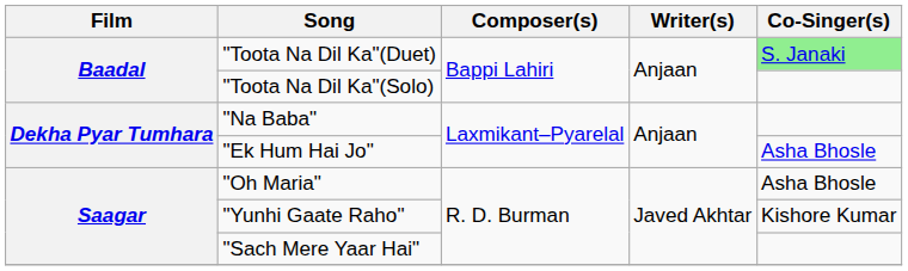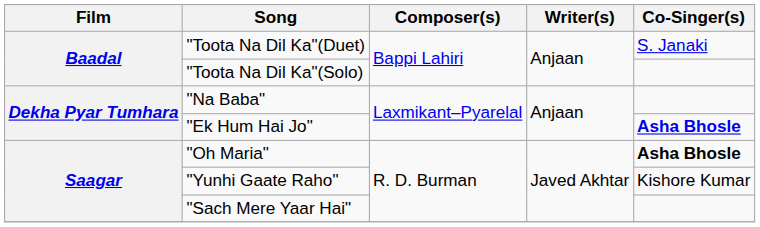 <table class="wikitable">
 <tr>
 <th>Film</th>
 <th>Song</th>
 <th>Composer(s)</th>
 <th>Writer(s)</th>
 <th>Co-Singer(s)</th>
 </tr>
 <tr>
 <th rowspan="2"><em><a href='#'>Baadal</a></em></th>
 <td>"Toota Na Dil Ka"(Duet)</td>
 <td rowspan="2"><a href='#'>Bappi Lahiri</a></td>
 <td rowspan="2">Anjaan</td>
-<td style="background: lightgreen;"><a href='#'>S. Janaki</a></td>
+<td><a href='#'>S. Janaki</a></td>
 </tr>
 <tr>
 <td>"Toota Na Dil Ka"(Solo)</td>
 <td></td>
 </tr>
 <tr>
 <th rowspan="2"><em><a href='#'>Dekha Pyar Tumhara</a></em></th>
 <td>"Na Baba"</td>
 <td rowspan="2"><a href='#'>Laxmikant–Pyarelal</a></td>
 <td rowspan="2">Anjaan</td>
 <td></td>
 </tr>
 <tr>
 <td>"Ek Hum Hai Jo"</td>
-<td><a href='#'>Asha Bhosle</a></td>
+<td><strong><a href='#'>Asha Bhosle</a></strong></td>
 </tr>
 <tr>
 <th rowspan="3"><em><a href='#'>Saagar</a></em></th>
 <td>"Oh Maria"</td>
 <td rowspan="3">R. D. Burman</td>
 <td rowspan="3">Javed Akhtar</td>
-<td>Asha Bhosle</td>
+<td><strong>Asha Bhosle</strong></td>
 </tr>
 <tr>
 <td>"Yunhi Gaate Raho"</td>
 <td>Kishore Kumar</td>
 </tr>
 <tr>
 <td>"Sach Mere Yaar Hai"</td>
 <td></td>
 </tr>
 <tr>
 </tr>
 </table>
